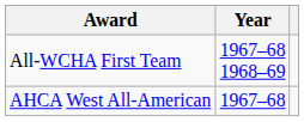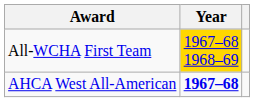 <table class="wikitable">
 <tr>
 <th>Award</th>
 <th>Year</th>
 <th></th>
 </tr>
 <tr>
 <td>All-<a href='#'>WCHA</a> <a href='#'>First Team</a></td>
-<td><a href='#'>1967–68</a><br><a href='#'>1968–69</a></td>
+<td style="background: gold;"><a href='#'>1967–68</a><br><a href='#'>1968–69</a></td>
 <td></td>
 </tr>
 <tr>
 <td><a href='#'>AHCA</a> <a href='#'>West All-American</a></td>
-<td><a href='#'>1967–68</a></td>
+<td><strong><a href='#'>1967–68</a></strong></td>
 <td></td>
 </tr>
 </table>
